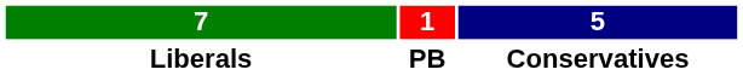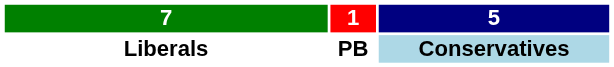 <table style="width:50%; text-align:center;">
 <tr style="color:white;">
 <td style="background:green; width:53.85%;"><strong>7</strong></td>
 <td style="background:red; width:7.69%;"><strong>1</strong></td>
 <td style="background:navy; width:38.46%;"><strong>5</strong></td>
 </tr>
 <tr>
 <td><span><strong>Liberals</strong></span></td>
 <td><span><strong>PB</strong></span></td>
-<td><span><strong>Conservatives</strong></span></td>
+<td style="background: lightblue;"><span><strong>Conservatives</strong></span></td>
 </tr>
 <tr>
 </tr>
 </table>
